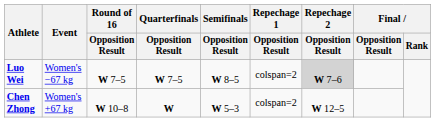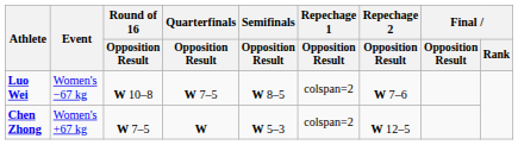 <table class="wikitable" style="font-size:90%;">
 <tr>
 <th rowspan=2>Athlete</th>
 <th rowspan=2>Event</th>
 <th>Round of 16</th>
 <th>Quarterfinals</th>
 <th>Semifinals</th>
 <th>Repechage 1</th>
 <th>Repechage 2</th>
 <th colspan=2>Final / </th>
 </tr>
 <tr style="font-size:95%">
 <th>Opposition<br>Result</th>
 <th>Opposition<br>Result</th>
 <th>Opposition<br>Result</th>
 <th>Opposition<br>Result</th>
 <th>Opposition<br>Result</th>
 <th>Opposition<br>Result</th>
 <th>Rank</th>
 </tr>
 <tr align=center>
 <td align=left><strong><a href='#'>Luo Wei</a></strong></td>
 <td align=left><a href='#'>Women's −67 kg</a></td>
-<td><br><strong>W</strong> 7–5</td>
+<td><br><strong>W</strong> 10–8</td>
 <td><br><strong>W</strong> 7–5</td>
 <td><br><strong>W</strong> 8–5</td>
 <td>colspan=2 </td>
-<td style="background: lightgrey;"><br><strong>W</strong> 7–6</td>
+<td><br><strong>W</strong> 7–6</td>
 <td></td>
 </tr>
 <tr align=center>
 <td align=left><strong><a href='#'>Chen Zhong</a></strong></td>
 <td align=left><a href='#'>Women's +67 kg</a></td>
-<td><br><strong>W</strong> 10–8</td>
+<td><br><strong>W</strong> 7–5</td>
 <td><br><strong>W</strong> </td>
 <td><br><strong>W</strong> 5–3</td>
 <td>colspan=2 </td>
 <td><br><strong>W</strong> 12–5</td>
 <td></td>
 </tr>
 </table>
